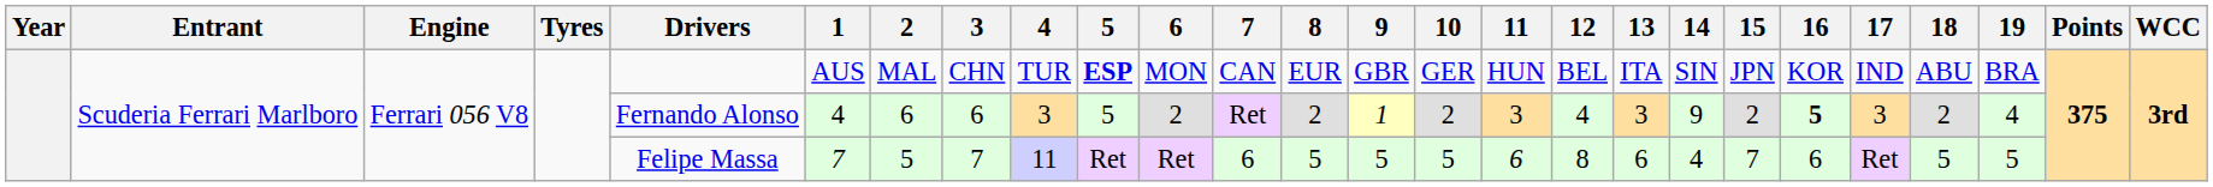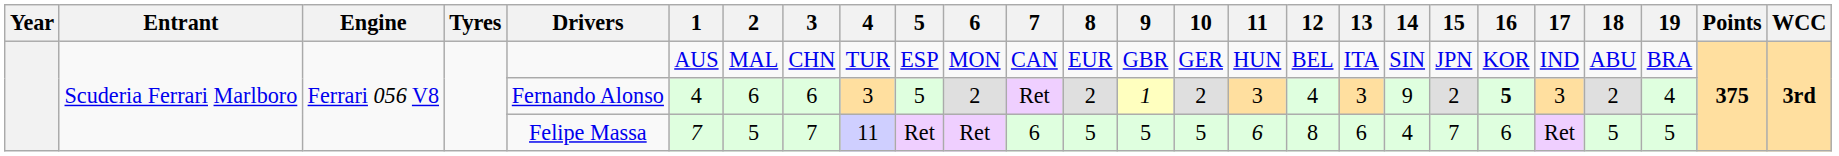 <table class="wikitable" style="text-align:center; font-size:95%">
 <tr>
 <th>Year</th>
 <th>Entrant</th>
 <th>Engine</th>
 <th>Tyres</th>
 <th>Drivers</th>
 <th>1</th>
 <th>2</th>
 <th>3</th>
 <th>4</th>
 <th>5</th>
 <th>6</th>
 <th>7</th>
 <th>8</th>
 <th>9</th>
 <th>10</th>
 <th>11</th>
 <th>12</th>
 <th>13</th>
 <th>14</th>
 <th>15</th>
 <th>16</th>
 <th>17</th>
 <th>18</th>
 <th>19</th>
 <th>Points</th>
 <th>WCC</th>
 </tr>
 <tr>
 <th rowspan=3></th>
 <td rowspan=3><a href='#'>Scuderia Ferrari</a> <a href='#'>Marlboro</a></td>
 <td rowspan=3><a href='#'>Ferrari</a> <em>056</em> <a href='#'>V8</a></td>
 <td rowspan=3></td>
 <td></td>
 <td><a href='#'>AUS</a></td>
 <td><a href='#'>MAL</a></td>
 <td><a href='#'>CHN</a></td>
 <td><a href='#'>TUR</a></td>
-<td><strong><a href='#'>ESP</a></strong></td>
+<td><a href='#'>ESP</a></td>
 <td><a href='#'>MON</a></td>
 <td><a href='#'>CAN</a></td>
 <td><a href='#'>EUR</a></td>
 <td><a href='#'>GBR</a></td>
 <td><a href='#'>GER</a></td>
 <td><a href='#'>HUN</a></td>
 <td><a href='#'>BEL</a></td>
 <td><a href='#'>ITA</a></td>
 <td><a href='#'>SIN</a></td>
 <td><a href='#'>JPN</a></td>
 <td><a href='#'>KOR</a></td>
 <td><a href='#'>IND</a></td>
 <td><a href='#'>ABU</a></td>
 <td><a href='#'>BRA</a></td>
 <td rowspan=3 style="background-color:#ffdf9f"><strong>375</strong></td>
 <td rowspan=3 style="background-color:#ffdf9f"><strong>3rd</strong></td>
 </tr>
 <tr>
 <td><a href='#'>Fernando Alonso</a></td>
 <td style="background-color:#dfffdf">4</td>
 <td style="background-color:#dfffdf">6</td>
 <td style="background-color:#dfffdf">6</td>
 <td style="background-color:#ffdf9f">3</td>
 <td style="background-color:#dfffdf">5</td>
 <td style="background-color:#dfdfdf">2</td>
 <td style="background-color:#efcfff">Ret</td>
 <td style="background-color:#dfdfdf">2</td>
 <td style="background-color:#ffffbf"><em>1</em></td>
 <td style="background-color:#dfdfdf">2</td>
 <td style="background-color:#ffdf9f">3</td>
 <td style="background-color:#dfffdf">4</td>
 <td style="background-color:#ffdf9f">3</td>
 <td style="background-color:#dfffdf">9</td>
 <td style="background-color:#dfdfdf">2</td>
 <td style="background-color:#dfffdf"><strong>5</strong></td>
 <td style="background-color:#ffdf9f">3</td>
 <td style="background-color:#dfdfdf">2</td>
 <td style="background-color:#dfffdf">4</td>
 </tr>
 <tr>
 <td><a href='#'>Felipe Massa</a></td>
 <td style="background-color:#dfffdf"><em>7</em></td>
 <td style="background-color:#dfffdf">5</td>
 <td style="background-color:#dfffdf">7</td>
 <td style="background-color:#cfcfff">11</td>
 <td style="background-color:#efcfff">Ret</td>
 <td style="background-color:#efcfff">Ret</td>
 <td style="background-color:#dfffdf">6</td>
 <td style="background-color:#dfffdf">5</td>
 <td style="background-color:#dfffdf">5</td>
 <td style="background-color:#dfffdf">5</td>
 <td style="background-color:#dfffdf"><em>6</em></td>
 <td style="background-color:#dfffdf">8</td>
 <td style="background-color:#dfffdf">6</td>
 <td style="background-color:#dfffdf">4</td>
 <td style="background-color:#dfffdf">7</td>
 <td style="background-color:#dfffdf">6</td>
 <td style="background-color:#efcfff">Ret</td>
 <td style="background-color:#dfffdf">5</td>
 <td style="background-color:#dfffdf">5</td>
 </tr>
 </table>
